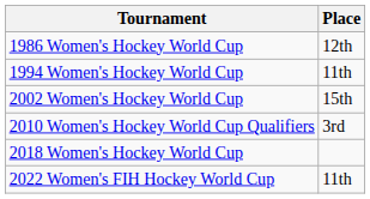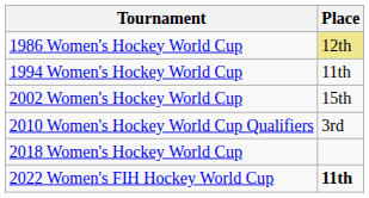 <table class="wikitable collapsible">
 <tr>
 <th>Tournament</th>
 <th>Place</th>
 </tr>
 <tr>
 <td><a href='#'>1986 Women's Hockey World Cup</a></td>
-<td>12th</td>
+<td style="background: khaki;">12th</td>
 </tr>
 <tr>
 <td><a href='#'>1994 Women's Hockey World Cup</a></td>
 <td>11th</td>
 </tr>
 <tr>
 <td><a href='#'>2002 Women's Hockey World Cup</a></td>
 <td>15th</td>
 </tr>
 <tr>
 <td><a href='#'>2010 Women's Hockey World Cup Qualifiers</a></td>
 <td>3rd</td>
 </tr>
 <tr>
 <td><a href='#'>2018 Women's Hockey World Cup</a></td>
 <td></td>
 </tr>
 <tr>
 <td><a href='#'>2022 Women's FIH Hockey World Cup</a></td>
-<td>11th</td>
+<td><strong>11th</strong></td>
 </tr>
 </table>
